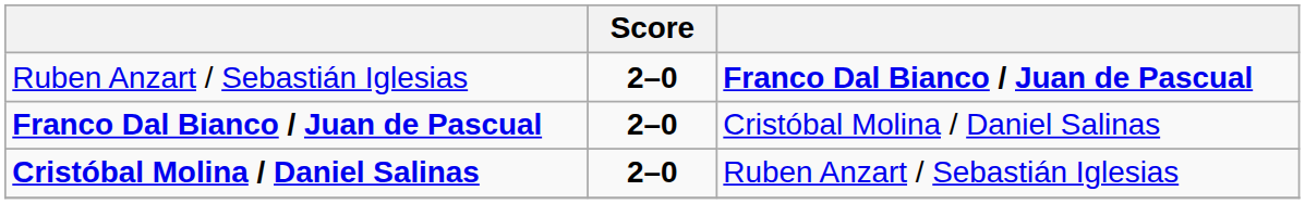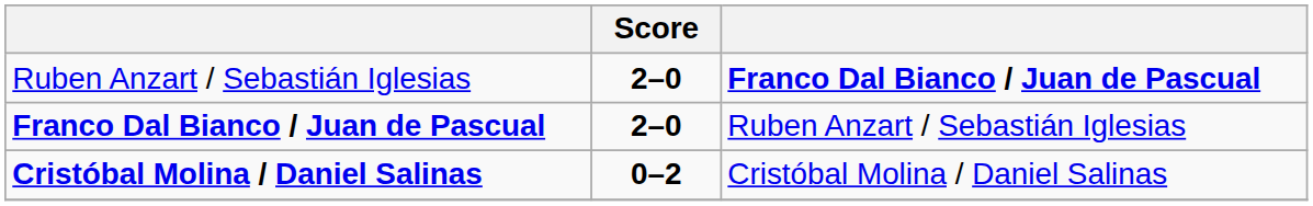 <table class="wikitable" style="text-align: center; font-size:100% ">
 <tr>
 <th align="right" width="300"></th>
 <th width="60">Score</th>
 <th align="left" width="300"></th>
 </tr>
 <tr>
 <td align=left> <a href='#'>Ruben Anzart</a> / <a href='#'>Sebastián Iglesias</a></td>
 <td align=center><strong>2–0</strong></td>
 <td align=left><strong> <a href='#'>Franco Dal Bianco</a> / <a href='#'>Juan de Pascual</a></strong></td>
 </tr>
 <tr>
 <td align=left><strong> <a href='#'>Franco Dal Bianco</a> / <a href='#'>Juan de Pascual</a></strong></td>
 <td align=center><strong>2–0</strong></td>
-<td align=left> <a href='#'>Cristóbal Molina</a> / <a href='#'>Daniel Salinas</a></td>
+<td align=left> <a href='#'>Ruben Anzart</a> / <a href='#'>Sebastián Iglesias</a></td>
 </tr>
 <tr>
 <td align=left><strong> <a href='#'>Cristóbal Molina</a> / <a href='#'>Daniel Salinas</a></strong></td>
-<td align=center><strong>2–0</strong></td>
-<td align=left> <a href='#'>Ruben Anzart</a> / <a href='#'>Sebastián Iglesias</a></td>
+<td align=center><strong>0–2</strong></td>
+<td align=left> <a href='#'>Cristóbal Molina</a> / <a href='#'>Daniel Salinas</a></td>
 </tr>
 <tr>
 </tr>
 </table>
